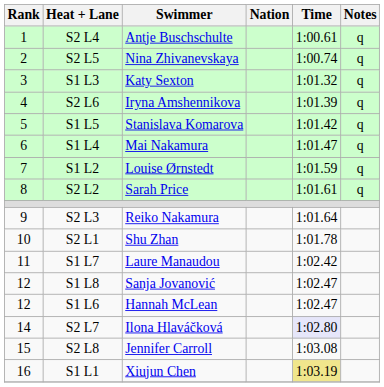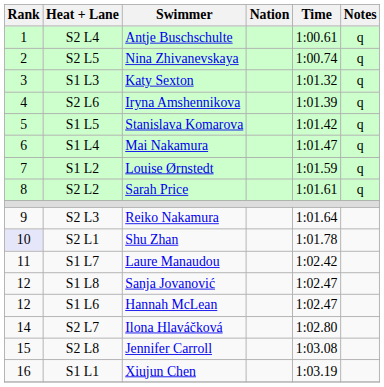 <table class="wikitable sortable" style="text-align:center">
 <tr>
 <th>Rank</th>
 <th>Heat + Lane</th>
 <th>Swimmer</th>
 <th>Nation</th>
 <th>Time</th>
 <th>Notes</th>
 </tr>
 <tr bgcolor=ccffcc>
 <td>1</td>
 <td>S2 L4</td>
 <td align=left><a href='#'>Antje Buschschulte</a></td>
 <td align=left></td>
 <td>1:00.61</td>
 <td>q</td>
 </tr>
 <tr bgcolor=ccffcc>
 <td>2</td>
 <td>S2 L5</td>
 <td align=left><a href='#'>Nina Zhivanevskaya</a></td>
 <td align=left></td>
 <td>1:00.74</td>
 <td>q</td>
 </tr>
 <tr bgcolor=ccffcc>
 <td>3</td>
 <td>S1 L3</td>
 <td align=left><a href='#'>Katy Sexton</a></td>
 <td align=left></td>
 <td>1:01.32</td>
 <td>q</td>
 </tr>
 <tr bgcolor=ccffcc>
 <td>4</td>
 <td>S2 L6</td>
 <td align=left><a href='#'>Iryna Amshennikova</a></td>
 <td align=left></td>
 <td>1:01.39</td>
 <td>q</td>
 </tr>
 <tr bgcolor=ccffcc>
 <td>5</td>
 <td>S1 L5</td>
 <td align=left><a href='#'>Stanislava Komarova</a></td>
 <td align=left></td>
 <td>1:01.42</td>
 <td>q</td>
 </tr>
 <tr bgcolor=ccffcc>
 <td>6</td>
 <td>S1 L4</td>
 <td align=left><a href='#'>Mai Nakamura</a></td>
 <td align=left></td>
 <td>1:01.47</td>
 <td>q</td>
 </tr>
 <tr bgcolor=ccffcc>
 <td>7</td>
 <td>S1 L2</td>
 <td align=left><a href='#'>Louise Ørnstedt</a></td>
 <td align=left></td>
 <td>1:01.59</td>
 <td>q</td>
 </tr>
 <tr bgcolor=ccffcc>
 <td>8</td>
 <td>S2 L2</td>
 <td align=left><a href='#'>Sarah Price</a></td>
 <td align=left></td>
 <td>1:01.61</td>
 <td>q</td>
 </tr>
 <tr bgcolor=#DDDDDD>
 <td colspan=6></td>
 </tr>
 <tr>
 <td>9</td>
 <td>S2 L3</td>
 <td align=left><a href='#'>Reiko Nakamura</a></td>
 <td align=left></td>
 <td>1:01.64</td>
 <td></td>
 </tr>
 <tr>
-<td>10</td>
+<td style="background: lavender;">10</td>
 <td>S2 L1</td>
 <td align=left><a href='#'>Shu Zhan</a></td>
 <td align=left></td>
 <td>1:01.78</td>
 <td></td>
 </tr>
 <tr>
 <td>11</td>
 <td>S1 L7</td>
 <td align=left><a href='#'>Laure Manaudou</a></td>
 <td align=left></td>
 <td>1:02.42</td>
 <td></td>
 </tr>
 <tr>
 <td>12</td>
 <td>S1 L8</td>
 <td align=left><a href='#'>Sanja Jovanović</a></td>
 <td align=left></td>
 <td>1:02.47</td>
 <td></td>
 </tr>
 <tr>
 <td>12</td>
 <td>S1 L6</td>
 <td align=left><a href='#'>Hannah McLean</a></td>
 <td align=left></td>
 <td>1:02.47</td>
 <td></td>
 </tr>
 <tr>
 <td>14</td>
 <td>S2 L7</td>
 <td align=left><a href='#'>Ilona Hlaváčková</a></td>
 <td align=left></td>
-<td style="background: lavender;">1:02.80</td>
+<td>1:02.80</td>
 <td></td>
 </tr>
 <tr>
 <td>15</td>
 <td>S2 L8</td>
 <td align=left><a href='#'>Jennifer Carroll</a></td>
 <td align=left></td>
 <td>1:03.08</td>
 <td></td>
 </tr>
 <tr>
 <td>16</td>
 <td>S1 L1</td>
 <td align=left><a href='#'>Xiujun Chen</a></td>
 <td align=left></td>
-<td style="background: khaki;">1:03.19</td>
+<td>1:03.19</td>
 <td></td>
 </tr>
 <tr>
 </tr>
 </table>
